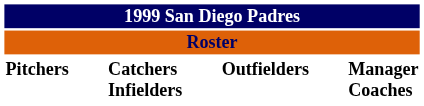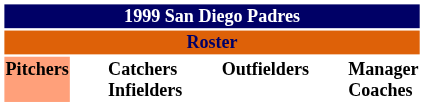 <table class="toccolours" style="font-size: 95%;">
 <tr>
 <th colspan="10" style="background-color: #000066;; color: #FFFFFF; text-align: center;">1999 San Diego Padres</th>
 </tr>
 <tr>
 <td colspan="10" style="background-color: #de6108; color: #000066; text-align: center;"><strong>Roster</strong></td>
 </tr>
 <tr>
-<td valign="top"><strong>Pitchers</strong><br>                  </td>
+<td valign="top" style="background: lightsalmon;"><strong>Pitchers</strong><br>                  </td>
 <td width="25px"></td>
 <td valign="top"><strong>Catchers</strong><br>    <strong>Infielders</strong>           </td>
 <td width="25px"></td>
 <td valign="top"><strong>Outfielders</strong><br>      </td>
 <td width="25px"></td>
 <td valign="top"><strong>Manager</strong><br> <strong>Coaches</strong>      </td>
 </tr>
 </table>
